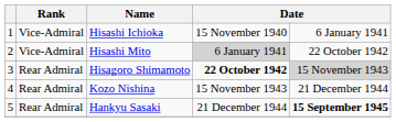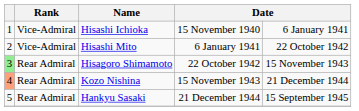 <table class=wikitable>
 <tr>
 <th></th>
 <th>Rank</th>
 <th>Name</th>
 <th colspan="2">Date</th>
 </tr>
 <tr>
 <td>1</td>
 <td>Vice-Admiral</td>
 <td><a href='#'>Hisashi Ichioka</a></td>
 <td align="right">15 November 1940</td>
 <td align="right">6 January 1941</td>
 </tr>
 <tr>
 <td>2</td>
 <td>Vice-Admiral</td>
 <td><a href='#'>Hisashi Mito</a></td>
-<td align="right" style="background: lightgrey;">6 January 1941</td>
+<td align="right">6 January 1941</td>
 <td align="right">22 October 1942</td>
 </tr>
 <tr>
-<td>3</td>
+<td style="background: lightgreen;">3</td>
 <td>Rear Admiral</td>
 <td><a href='#'>Hisagoro Shimamoto</a></td>
-<td align="right"><strong>22 October 1942</strong></td>
-<td align="right" style="background: lightgrey;">15 November 1943</td>
+<td align="right">22 October 1942</td>
+<td align="right">15 November 1943</td>
 </tr>
 <tr>
-<td>4</td>
+<td style="background: lightsalmon;">4</td>
 <td>Rear Admiral</td>
 <td><a href='#'>Kozo Nishina</a></td>
 <td align="right">15 November 1943</td>
 <td align="right">21 December 1944</td>
 </tr>
 <tr>
 <td>5</td>
 <td>Rear Admiral</td>
 <td><a href='#'>Hankyu Sasaki</a></td>
 <td align="right">21 December 1944</td>
-<td align="right"><strong>15 September 1945</strong></td>
+<td align="right">15 September 1945</td>
 </tr>
 <tr>
 </tr>
 </table>
